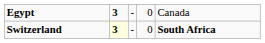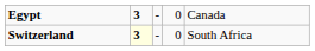 <table class="wikitable">
 <tr>
 <td width=150> <strong>Egypt</strong></td>
 <td style="width:20px; text-align:left;"><strong>3</strong></td>
 <td>-</td>
 <td style="width:20px; text-align:right;">0</td>
 <td width=150> Canada</td>
 </tr>
 <tr>
 <td> <strong>Switzerland</strong></td>
 <td style="background: lightyellow; text-align:left;"><strong>3</strong></td>
 <td>-</td>
 <td style="text-align:right;">0</td>
-<td><strong> South Africa</strong></td>
+<td> South Africa</td>
 </tr>
 </table>
